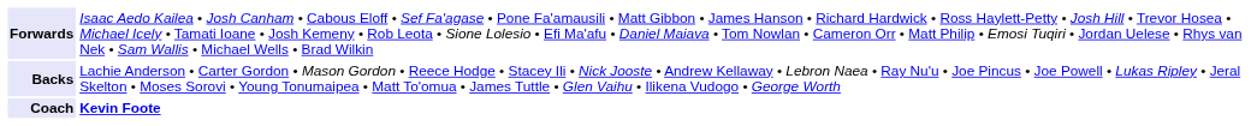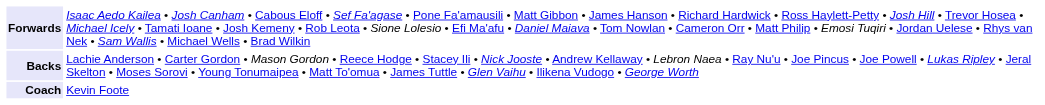 <table cellpadding="2" style="border: 1px solid white; font-size:90%">
 <tr>
 <td style="text-align:right;" bgcolor="lavender"><strong>Forwards</strong></td>
 <td style="text-align:left;"><em><a href='#'>Isaac Aedo Kailea</a></em> • <em><a href='#'>Josh Canham</a></em> • <a href='#'>Cabous Eloff</a> • <em><a href='#'>Sef Fa'agase</a></em> • <a href='#'>Pone Fa'amausili</a> • <a href='#'>Matt Gibbon</a> • <a href='#'>James Hanson</a> • <a href='#'>Richard Hardwick</a> • <a href='#'>Ross Haylett-Petty</a> • <em><a href='#'>Josh Hill</a></em> • <a href='#'>Trevor Hosea</a> • <em><a href='#'>Michael Icely</a></em> • <a href='#'>Tamati Ioane</a> • <a href='#'>Josh Kemeny</a> • <a href='#'>Rob Leota</a> • <em>Sione Lolesio</em> • <a href='#'>Efi Ma'afu</a> • <em><a href='#'>Daniel Maiava</a></em> • <a href='#'>Tom Nowlan</a> • <a href='#'>Cameron Orr</a> • <a href='#'>Matt Philip</a> • <em>Emosi Tuqiri</em> • <a href='#'>Jordan Uelese</a> • <a href='#'>Rhys van Nek</a> • <em><a href='#'>Sam Wallis</a></em> • <a href='#'>Michael Wells</a> • <a href='#'>Brad Wilkin</a></td>
 </tr>
 <tr>
 <td style="text-align:right;" bgcolor="lavender"><strong>Backs</strong></td>
 <td style="text-align:left;"><a href='#'>Lachie Anderson</a> • <a href='#'>Carter Gordon</a> • <em>Mason Gordon</em> • <a href='#'>Reece Hodge</a> • <a href='#'>Stacey Ili</a> • <em><a href='#'>Nick Jooste</a></em> • <a href='#'>Andrew Kellaway</a> • <em>Lebron Naea</em> • <a href='#'>Ray Nu'u</a> • <a href='#'>Joe Pincus</a> • <a href='#'>Joe Powell</a> • <em><a href='#'>Lukas Ripley</a></em> • <a href='#'>Jeral Skelton</a> • <a href='#'>Moses Sorovi</a> • <a href='#'>Young Tonumaipea</a> • <a href='#'>Matt To'omua</a> • <a href='#'>James Tuttle</a> • <em><a href='#'>Glen Vaihu</a></em> • <a href='#'>Ilikena Vudogo</a> • <em><a href='#'>George Worth</a></em></td>
 </tr>
 <tr>
 <td style="text-align:right;" bgcolor="lavender"><strong>Coach</strong></td>
-<td style="text-align:left;"><strong><a href='#'>Kevin Foote</a></strong></td>
+<td style="text-align:left;"><a href='#'>Kevin Foote</a></td>
 </tr>
 </table>
